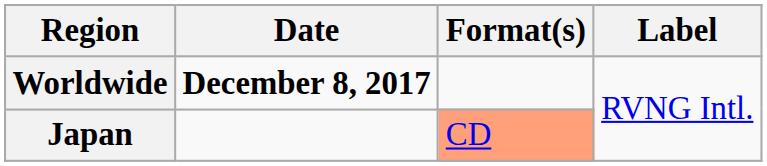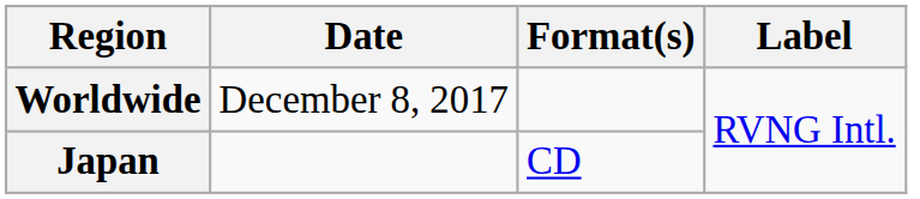 <table class="wikitable plainrowheaders">
 <tr>
 <th scope="col">Region</th>
 <th scope="col">Date</th>
 <th scope="col">Format(s)</th>
 <th scope="col">Label</th>
 </tr>
 <tr>
 <th scope="row">Worldwide</th>
-<td><strong>December 8, 2017</strong></td>
+<td>December 8, 2017</td>
 <td></td>
 <td rowspan=2><a href='#'>RVNG Intl.</a></td>
 </tr>
 <tr>
 <th scope="row">Japan</th>
 <td></td>
-<td style="background: lightsalmon;"><a href='#'>CD</a></td>
+<td><a href='#'>CD</a></td>
 </tr>
 </table>
